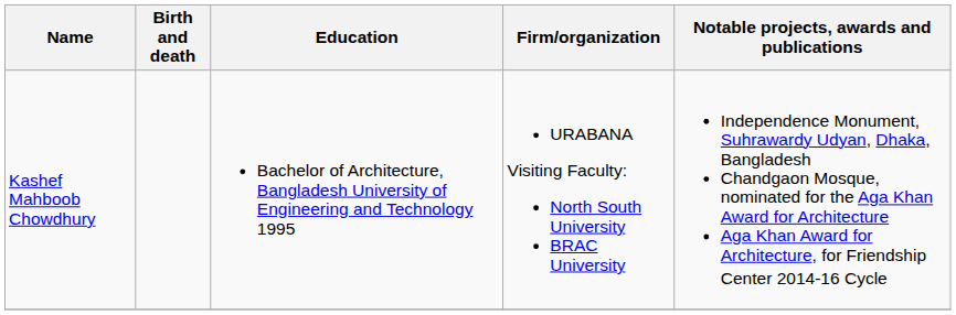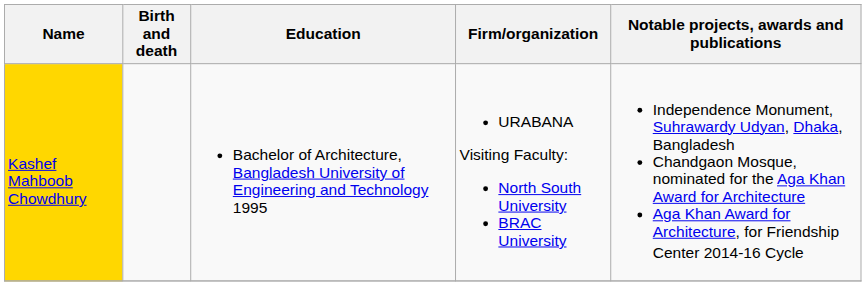 <table class="wikitable" width=100%>
 <tr bgcolor=#efefef>
 <th>Name</th>
 <th>Birth and death</th>
 <th>Education</th>
 <th>Firm/organization</th>
 <th>Notable projects, awards and publications</th>
 </tr>
 <tr>
-<td><br><a href='#'>Kashef Mahboob Chowdhury</a></td>
+<td style="background: gold;"><br><a href='#'>Kashef Mahboob Chowdhury</a></td>
 <td></td>
 <td><br><ul><li>Bachelor of Architecture, <a href='#'>Bangladesh University of Engineering and Technology</a> 1995</li></ul></td>
 <td><br><ul><li>URABANA </li></ul>Visiting Faculty:<ul><li><a href='#'>North South University</a></li><li><a href='#'>BRAC University</a></li></ul></td>
 <td><br><ul><li>Independence Monument, <a href='#'>Suhrawardy Udyan</a>, <a href='#'>Dhaka</a>, Bangladesh</li><li>Chandgaon Mosque, nominated for the <a href='#'>Aga Khan Award for Architecture</a></li><li><a href='#'>Aga Khan Award for Architecture</a>, for Friendship Center<sup></sup> 2014-16 Cycle</li></ul></td>
 </tr>
 <tr>
 </tr>
 </table>
